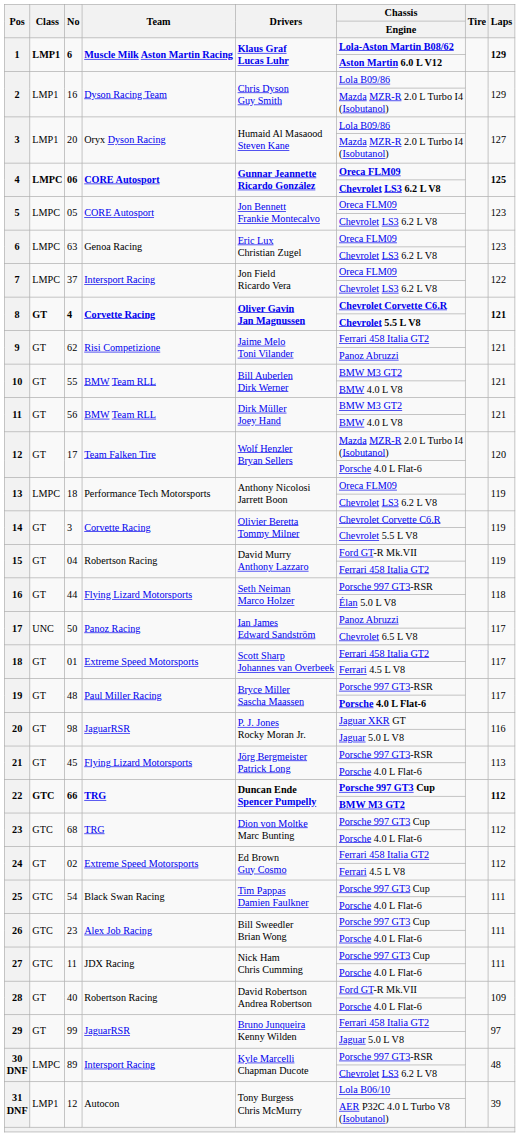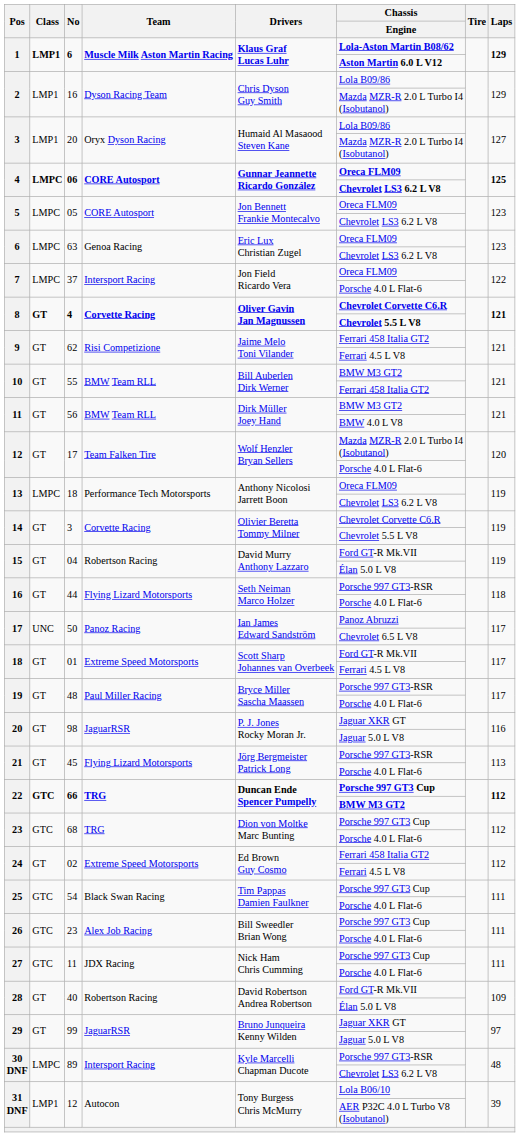 <table class="wikitable" style="font-size: 95%;">
 <tr>
 <th rowspan=2>Pos</th>
 <th rowspan=2>Class</th>
 <th rowspan=2>No</th>
 <th rowspan=2>Team</th>
 <th rowspan=2>Drivers</th>
 <th>Chassis</th>
 <th rowspan=2>Tire</th>
 <th rowspan=2>Laps</th>
 </tr>
 <tr>
 <th>Engine</th>
 </tr>
 <tr style="font-weight:bold">
 <th rowspan=2>1</th>
 <td rowspan=2>LMP1</td>
 <td rowspan=2>6</td>
 <td rowspan=2> <a href='#'>Muscle Milk</a> <a href='#'>Aston Martin Racing</a></td>
 <td rowspan=2> <a href='#'>Klaus Graf</a><br> <a href='#'>Lucas Luhr</a></td>
 <td><a href='#'>Lola-Aston Martin B08/62</a></td>
 <td rowspan=2></td>
 <td rowspan=2>129</td>
 </tr>
 <tr style="font-weight:bold">
 <td><a href='#'>Aston Martin</a> 6.0 L V12</td>
 </tr>
 <tr>
 <th rowspan=2>2</th>
 <td rowspan=2>LMP1</td>
 <td rowspan=2>16</td>
 <td rowspan=2> <a href='#'>Dyson Racing Team</a></td>
 <td rowspan=2> <a href='#'>Chris Dyson</a><br> <a href='#'>Guy Smith</a></td>
 <td><a href='#'>Lola B09/86</a></td>
 <td rowspan=2></td>
 <td rowspan=2>129</td>
 </tr>
 <tr>
 <td><a href='#'>Mazda</a> <a href='#'>MZR-R</a> 2.0 L Turbo I4<br>(<a href='#'>Isobutanol</a>)</td>
 </tr>
 <tr>
 <th rowspan=2>3</th>
 <td rowspan=2>LMP1</td>
 <td rowspan=2>20</td>
 <td rowspan=2> Oryx <a href='#'>Dyson Racing</a></td>
 <td rowspan=2> Humaid Al Masaood<br> <a href='#'>Steven Kane</a></td>
 <td><a href='#'>Lola B09/86</a></td>
 <td rowspan=2></td>
 <td rowspan=2>127</td>
 </tr>
 <tr>
 <td><a href='#'>Mazda</a> <a href='#'>MZR-R</a> 2.0 L Turbo I4<br>(<a href='#'>Isobutanol</a>)</td>
 </tr>
 <tr style="font-weight:bold">
 <th rowspan=2>4</th>
 <td rowspan=2>LMPC</td>
 <td rowspan=2>06</td>
 <td rowspan=2> <a href='#'>CORE Autosport</a></td>
 <td rowspan=2> <a href='#'>Gunnar Jeannette</a><br> <a href='#'>Ricardo González</a></td>
 <td><a href='#'>Oreca FLM09</a></td>
 <td rowspan=2></td>
 <td rowspan=2>125</td>
 </tr>
 <tr style="font-weight:bold">
 <td><a href='#'>Chevrolet</a> <a href='#'>LS3</a> 6.2 L V8</td>
 </tr>
 <tr>
 <th rowspan=2>5</th>
 <td rowspan=2>LMPC</td>
 <td rowspan=2>05</td>
 <td rowspan=2> <a href='#'>CORE Autosport</a></td>
 <td rowspan=2> <a href='#'>Jon Bennett</a><br> <a href='#'>Frankie Montecalvo</a></td>
 <td><a href='#'>Oreca FLM09</a></td>
 <td rowspan=2></td>
 <td rowspan=2>123</td>
 </tr>
 <tr>
 <td><a href='#'>Chevrolet</a> <a href='#'>LS3</a> 6.2 L V8</td>
 </tr>
 <tr>
 <th rowspan=2>6</th>
 <td rowspan=2>LMPC</td>
 <td rowspan=2>63</td>
 <td rowspan=2> Genoa Racing</td>
 <td rowspan=2> <a href='#'>Eric Lux</a><br> Christian Zugel</td>
 <td><a href='#'>Oreca FLM09</a></td>
 <td rowspan=2></td>
 <td rowspan=2>123</td>
 </tr>
 <tr>
 <td><a href='#'>Chevrolet</a> <a href='#'>LS3</a> 6.2 L V8</td>
 </tr>
 <tr>
 <th rowspan=2>7</th>
 <td rowspan=2>LMPC</td>
 <td rowspan=2>37</td>
 <td rowspan=2> <a href='#'>Intersport Racing</a></td>
 <td rowspan=2> Jon Field<br> Ricardo Vera</td>
 <td><a href='#'>Oreca FLM09</a></td>
 <td rowspan=2></td>
 <td rowspan=2>122</td>
 </tr>
 <tr>
-<td><a href='#'>Chevrolet</a> <a href='#'>LS3</a> 6.2 L V8</td>
+<td><a href='#'>Porsche</a> 4.0 L Flat-6</td>
 </tr>
 <tr style="font-weight:bold">
 <th rowspan=2>8</th>
 <td rowspan=2>GT</td>
 <td rowspan=2>4</td>
 <td rowspan=2> <a href='#'>Corvette Racing</a></td>
 <td rowspan=2> <a href='#'>Oliver Gavin</a><br> <a href='#'>Jan Magnussen</a></td>
 <td><a href='#'>Chevrolet Corvette C6.R</a></td>
 <td rowspan=2></td>
 <td rowspan=2>121</td>
 </tr>
 <tr style="font-weight:bold">
 <td><a href='#'>Chevrolet</a> 5.5 L V8</td>
 </tr>
 <tr>
 <th rowspan=2>9</th>
 <td rowspan=2>GT</td>
 <td rowspan=2>62</td>
 <td rowspan=2> <a href='#'>Risi Competizione</a></td>
 <td rowspan=2> <a href='#'>Jaime Melo</a><br> <a href='#'>Toni Vilander</a></td>
 <td><a href='#'>Ferrari 458 Italia GT2</a></td>
 <td rowspan=2></td>
 <td rowspan=2>121</td>
 </tr>
 <tr>
-<td><a href='#'>Panoz Abruzzi</a></td>
+<td><a href='#'>Ferrari</a> 4.5 L V8</td>
 </tr>
 <tr>
 <th rowspan=2>10</th>
 <td rowspan=2>GT</td>
 <td rowspan=2>55</td>
 <td rowspan=2> <a href='#'>BMW</a> <a href='#'>Team RLL</a></td>
 <td rowspan=2> <a href='#'>Bill Auberlen</a><br> <a href='#'>Dirk Werner</a></td>
 <td><a href='#'>BMW M3 GT2</a></td>
 <td rowspan=2></td>
 <td rowspan=2>121</td>
 </tr>
 <tr>
-<td><a href='#'>BMW</a> 4.0 L V8</td>
+<td><a href='#'>Ferrari 458 Italia GT2</a></td>
 </tr>
 <tr>
 <th rowspan=2>11</th>
 <td rowspan=2>GT</td>
 <td rowspan=2>56</td>
 <td rowspan=2> <a href='#'>BMW</a> <a href='#'>Team RLL</a></td>
 <td rowspan=2> <a href='#'>Dirk Müller</a><br> <a href='#'>Joey Hand</a></td>
 <td><a href='#'>BMW M3 GT2</a></td>
 <td rowspan=2></td>
 <td rowspan=2>121</td>
 </tr>
 <tr>
 <td><a href='#'>BMW</a> 4.0 L V8</td>
 </tr>
 <tr>
 <th rowspan=2>12</th>
 <td rowspan=2>GT</td>
 <td rowspan=2>17</td>
 <td rowspan=2> <a href='#'>Team Falken Tire</a></td>
 <td rowspan=2> <a href='#'>Wolf Henzler</a><br> <a href='#'>Bryan Sellers</a></td>
 <td><a href='#'>Mazda</a> <a href='#'>MZR-R</a> 2.0 L Turbo I4<br>(<a href='#'>Isobutanol</a>)</td>
 <td rowspan=2></td>
 <td rowspan=2>120</td>
 </tr>
 <tr>
 <td><a href='#'>Porsche</a> 4.0 L Flat-6</td>
 </tr>
 <tr>
 <th rowspan=2>13</th>
 <td rowspan=2>LMPC</td>
 <td rowspan=2>18</td>
 <td rowspan=2> Performance Tech Motorsports</td>
 <td rowspan=2> Anthony Nicolosi<br> Jarrett Boon</td>
 <td><a href='#'>Oreca FLM09</a></td>
 <td rowspan=2></td>
 <td rowspan=2>119</td>
 </tr>
 <tr>
 <td><a href='#'>Chevrolet</a> <a href='#'>LS3</a> 6.2 L V8</td>
 </tr>
 <tr>
 <th rowspan=2>14</th>
 <td rowspan=2>GT</td>
 <td rowspan=2>3</td>
 <td rowspan=2> <a href='#'>Corvette Racing</a></td>
 <td rowspan=2> <a href='#'>Olivier Beretta</a><br> <a href='#'>Tommy Milner</a></td>
 <td><a href='#'>Chevrolet Corvette C6.R</a></td>
 <td rowspan=2></td>
 <td rowspan=2>119</td>
 </tr>
 <tr>
 <td><a href='#'>Chevrolet</a> 5.5 L V8</td>
 </tr>
 <tr>
 <th rowspan=2>15</th>
 <td rowspan=2>GT</td>
 <td rowspan=2>04</td>
 <td rowspan=2> Robertson Racing</td>
 <td rowspan=2> David Murry<br> <a href='#'>Anthony Lazzaro</a></td>
 <td><a href='#'>Ford GT</a>-R Mk.VII</td>
 <td rowspan=2></td>
 <td rowspan=2>119</td>
 </tr>
 <tr>
-<td><a href='#'>Ferrari 458 Italia GT2</a></td>
+<td><a href='#'>Élan</a> 5.0 L V8</td>
 </tr>
 <tr>
 <th rowspan=2>16</th>
 <td rowspan=2>GT</td>
 <td rowspan=2>44</td>
 <td rowspan=2> <a href='#'>Flying Lizard Motorsports</a></td>
 <td rowspan=2> <a href='#'>Seth Neiman</a><br> <a href='#'>Marco Holzer</a></td>
 <td><a href='#'>Porsche 997 GT3</a>-RSR</td>
 <td rowspan=2></td>
 <td rowspan=2>118</td>
 </tr>
 <tr>
-<td><a href='#'>Élan</a> 5.0 L V8</td>
+<td><a href='#'>Porsche</a> 4.0 L Flat-6</td>
 </tr>
 <tr>
 <th rowspan=2>17</th>
 <td rowspan=2>UNC</td>
 <td rowspan=2>50</td>
 <td rowspan=2> <a href='#'>Panoz Racing</a></td>
 <td rowspan=2> <a href='#'>Ian James</a><br> <a href='#'>Edward Sandström</a></td>
 <td><a href='#'>Panoz Abruzzi</a></td>
 <td rowspan=2></td>
 <td rowspan=2>117</td>
 </tr>
 <tr>
 <td><a href='#'>Chevrolet</a> 6.5 L V8</td>
 </tr>
 <tr>
 <th rowspan=2>18</th>
 <td rowspan=2>GT</td>
 <td rowspan=2>01</td>
 <td rowspan=2> <a href='#'>Extreme Speed Motorsports</a></td>
 <td rowspan=2> <a href='#'>Scott Sharp</a><br> <a href='#'>Johannes van Overbeek</a></td>
-<td><a href='#'>Ferrari 458 Italia GT2</a></td>
+<td><a href='#'>Ford GT</a>-R Mk.VII</td>
 <td rowspan=2></td>
 <td rowspan=2>117</td>
 </tr>
 <tr>
 <td><a href='#'>Ferrari</a> 4.5 L V8</td>
 </tr>
 <tr>
 <th rowspan=2>19</th>
 <td rowspan=2>GT</td>
 <td rowspan=2>48</td>
 <td rowspan=2> <a href='#'>Paul Miller Racing</a></td>
 <td rowspan=2> <a href='#'>Bryce Miller</a><br> <a href='#'>Sascha Maassen</a></td>
 <td><a href='#'>Porsche 997 GT3</a>-RSR</td>
 <td rowspan=2></td>
 <td rowspan=2>117</td>
 </tr>
 <tr>
-<td><strong><a href='#'>Porsche</a> 4.0 L Flat-6</strong></td>
+<td><a href='#'>Porsche</a> 4.0 L Flat-6</td>
 </tr>
 <tr>
 <th rowspan=2>20</th>
 <td rowspan=2>GT</td>
 <td rowspan=2>98</td>
 <td rowspan=2> <a href='#'>Jaguar</a><a href='#'>RSR</a></td>
 <td rowspan=2> <a href='#'>P. J. Jones</a><br> Rocky Moran Jr.</td>
 <td><a href='#'>Jaguar XKR</a> GT</td>
 <td rowspan=2></td>
 <td rowspan=2>116</td>
 </tr>
 <tr>
 <td><a href='#'>Jaguar</a> 5.0 L V8</td>
 </tr>
 <tr>
 <th rowspan=2>21</th>
 <td rowspan=2>GT</td>
 <td rowspan=2>45</td>
 <td rowspan=2> <a href='#'>Flying Lizard Motorsports</a></td>
 <td rowspan=2> <a href='#'>Jörg Bergmeister</a><br> <a href='#'>Patrick Long</a></td>
 <td><a href='#'>Porsche 997 GT3</a>-RSR</td>
 <td rowspan=2></td>
 <td rowspan=2>113</td>
 </tr>
 <tr>
 <td><a href='#'>Porsche</a> 4.0 L Flat-6</td>
 </tr>
 <tr style="font-weight:bold">
 <th rowspan=2>22</th>
 <td rowspan=2>GTC</td>
 <td rowspan=2>66</td>
 <td rowspan=2> <a href='#'>TRG</a></td>
 <td rowspan=2> Duncan Ende<br> <a href='#'>Spencer Pumpelly</a></td>
 <td><a href='#'>Porsche 997 GT3</a> Cup</td>
 <td rowspan=2></td>
 <td rowspan=2>112</td>
 </tr>
 <tr style="font-weight:bold">
 <td><a href='#'>BMW M3 GT2</a></td>
 </tr>
 <tr>
 <th rowspan=2>23</th>
 <td rowspan=2>GTC</td>
 <td rowspan=2>68</td>
 <td rowspan=2> <a href='#'>TRG</a></td>
 <td rowspan=2> <a href='#'>Dion von Moltke</a><br> Marc Bunting</td>
 <td><a href='#'>Porsche 997 GT3</a> Cup</td>
 <td rowspan=2></td>
 <td rowspan=2>112</td>
 </tr>
 <tr>
 <td><a href='#'>Porsche</a> 4.0 L Flat-6</td>
 </tr>
 <tr>
 <th rowspan=2>24</th>
 <td rowspan=2>GT</td>
 <td rowspan=2>02</td>
 <td rowspan=2> <a href='#'>Extreme Speed Motorsports</a></td>
 <td rowspan=2> Ed Brown<br> <a href='#'>Guy Cosmo</a></td>
 <td><a href='#'>Ferrari 458 Italia GT2</a></td>
 <td rowspan=2></td>
 <td rowspan=2>112</td>
 </tr>
 <tr>
 <td><a href='#'>Ferrari</a> 4.5 L V8</td>
 </tr>
 <tr>
 <th rowspan=2>25</th>
 <td rowspan=2>GTC</td>
 <td rowspan=2>54</td>
 <td rowspan=2> Black Swan Racing</td>
 <td rowspan=2> <a href='#'>Tim Pappas</a><br> <a href='#'>Damien Faulkner</a></td>
 <td><a href='#'>Porsche 997 GT3</a> Cup</td>
 <td rowspan=2></td>
 <td rowspan=2>111</td>
 </tr>
 <tr>
 <td><a href='#'>Porsche</a> 4.0 L Flat-6</td>
 </tr>
 <tr>
 <th rowspan=2>26</th>
 <td rowspan=2>GTC</td>
 <td rowspan=2>23</td>
 <td rowspan=2> <a href='#'>Alex Job Racing</a></td>
 <td rowspan=2> Bill Sweedler<br> Brian Wong</td>
 <td><a href='#'>Porsche 997 GT3</a> Cup</td>
 <td rowspan=2></td>
 <td rowspan=2>111</td>
 </tr>
 <tr>
 <td><a href='#'>Porsche</a> 4.0 L Flat-6</td>
 </tr>
 <tr>
 <th rowspan=2>27</th>
 <td rowspan=2>GTC</td>
 <td rowspan=2>11</td>
 <td rowspan=2> JDX Racing</td>
 <td rowspan=2> Nick Ham<br> Chris Cumming</td>
 <td><a href='#'>Porsche 997 GT3</a> Cup</td>
 <td rowspan=2></td>
 <td rowspan=2>111</td>
 </tr>
 <tr>
 <td><a href='#'>Porsche</a> 4.0 L Flat-6</td>
 </tr>
 <tr>
 <th rowspan=2>28</th>
 <td rowspan=2>GT</td>
 <td rowspan=2>40</td>
 <td rowspan=2> Robertson Racing</td>
 <td rowspan=2> David Robertson<br> Andrea Robertson</td>
 <td><a href='#'>Ford GT</a>-R Mk.VII</td>
 <td rowspan=2></td>
 <td rowspan=2>109</td>
 </tr>
 <tr>
-<td><a href='#'>Porsche</a> 4.0 L Flat-6</td>
+<td><a href='#'>Élan</a> 5.0 L V8</td>
 </tr>
 <tr>
 <th rowspan=2>29</th>
 <td rowspan=2>GT</td>
 <td rowspan=2>99</td>
 <td rowspan=2> <a href='#'>Jaguar</a><a href='#'>RSR</a></td>
 <td rowspan=2> <a href='#'>Bruno Junqueira</a><br> Kenny Wilden</td>
-<td><a href='#'>Ferrari 458 Italia GT2</a></td>
+<td><a href='#'>Jaguar XKR</a> GT</td>
 <td rowspan=2></td>
 <td rowspan=2>97</td>
 </tr>
 <tr>
 <td><a href='#'>Jaguar</a> 5.0 L V8</td>
 </tr>
 <tr>
 <th rowspan=2>30<br>DNF</th>
 <td rowspan=2>LMPC</td>
 <td rowspan=2>89</td>
 <td rowspan=2> <a href='#'>Intersport Racing</a></td>
 <td rowspan=2> <a href='#'>Kyle Marcelli</a><br> Chapman Ducote</td>
 <td><a href='#'>Porsche 997 GT3</a>-RSR</td>
 <td rowspan=2></td>
 <td rowspan=2>48</td>
 </tr>
 <tr>
 <td><a href='#'>Chevrolet</a> <a href='#'>LS3</a> 6.2 L V8</td>
 </tr>
 <tr>
 <th rowspan=2>31<br>DNF</th>
 <td rowspan=2>LMP1</td>
 <td rowspan=2>12</td>
 <td rowspan=2> Autocon</td>
 <td rowspan=2> Tony Burgess<br> Chris McMurry</td>
 <td><a href='#'>Lola B06/10</a></td>
 <td rowspan=2></td>
 <td rowspan=2>39</td>
 </tr>
 <tr>
 <td><a href='#'>AER</a> P32C 4.0 L Turbo V8<br>(<a href='#'>Isobutanol</a>)</td>
 </tr>
 <tr>
 <th colspan=8> </th>
 </tr>
 </table>
